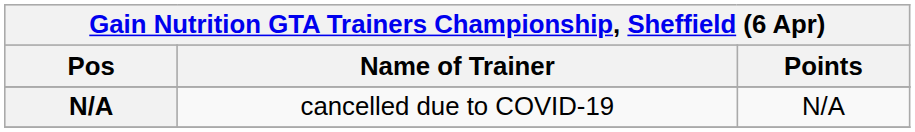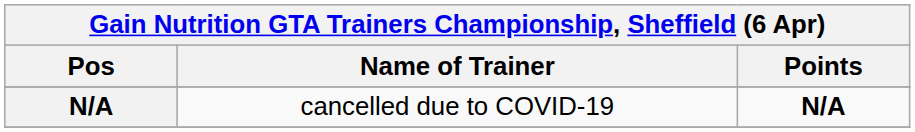 <table class="wikitable">
 <tr>
 <th colspan="3"><a href='#'>Gain Nutrition GTA Trainers Championship</a>, <a href='#'>Sheffield</a> (6 Apr)</th>
 </tr>
 <tr>
 <th width=100>Pos</th>
 <th width=340>Name of Trainer</th>
 <th width=100>Points</th>
 </tr>
 <tr>
 </tr>
 <tr style="text-align:center">
 <th>N/A</th>
 <td>cancelled due to COVID-19</td>
-<td>N/A</td>
+<td><strong>N/A</strong></td>
 </tr>
 <tr style="text-align:center">
 </tr>
 </table>
